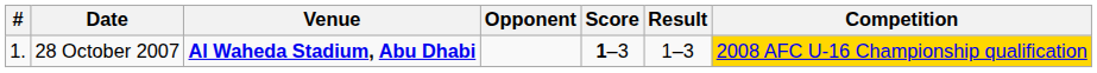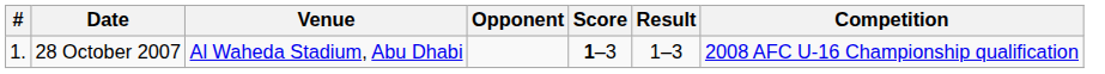 <table class="wikitable">
 <tr>
 <th>#</th>
 <th>Date</th>
 <th>Venue</th>
 <th>Opponent</th>
 <th>Score</th>
 <th>Result</th>
 <th>Competition</th>
 </tr>
 <tr>
 <td>1.</td>
 <td>28 October 2007</td>
-<td><strong><a href='#'>Al Waheda Stadium</a>, <a href='#'>Abu Dhabi</a></strong></td>
+<td><a href='#'>Al Waheda Stadium</a>, <a href='#'>Abu Dhabi</a></td>
 <td></td>
 <td style="text-align:center;"><strong>1</strong>–3</td>
 <td style="text-align:center;">1–3</td>
-<td style="background: gold;"><a href='#'>2008 AFC U-16 Championship qualification</a></td>
+<td><a href='#'>2008 AFC U-16 Championship qualification</a></td>
 </tr>
 <tr>
 </tr>
 </table>
